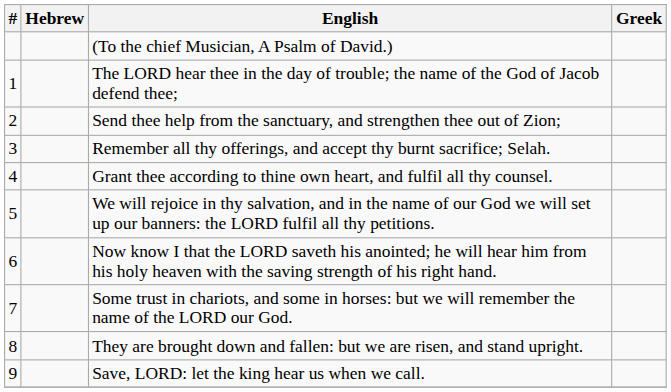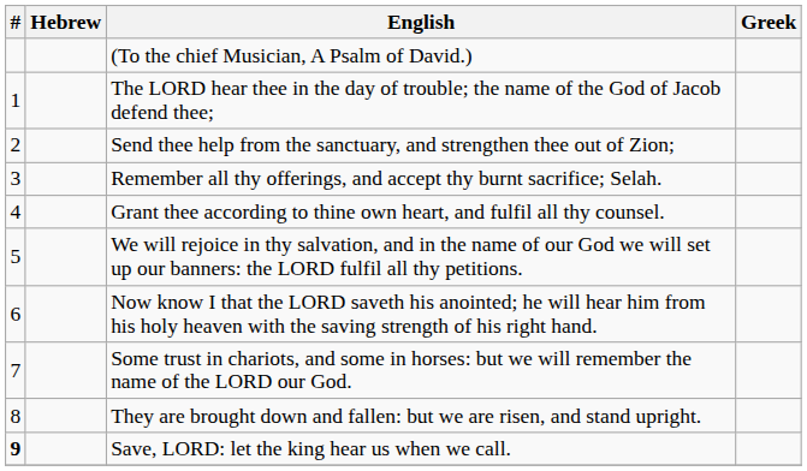 <table class=wikitable>
 <tr>
 <th>#</th>
 <th>Hebrew</th>
 <th>English</th>
 <th>Greek</th>
 </tr>
 <tr>
 <td style="text-align:right"></td>
 <td style="text-align:right"></td>
 <td>(To the chief Musician, A Psalm of David.)</td>
 <td></td>
 </tr>
 <tr>
 <td style="text-align:right">1</td>
 <td style="text-align:right"></td>
 <td>The LORD hear thee in the day of trouble; the name of the God of Jacob defend thee;</td>
 <td></td>
 </tr>
 <tr>
 <td style="text-align:right">2</td>
 <td style="text-align:right"></td>
 <td>Send thee help from the sanctuary, and strengthen thee out of Zion;</td>
 <td></td>
 </tr>
 <tr>
 <td style="text-align:right">3</td>
 <td style="text-align:right"></td>
 <td>Remember all thy offerings, and accept thy burnt sacrifice; Selah.</td>
 <td></td>
 </tr>
 <tr>
 <td style="text-align:right">4</td>
 <td style="text-align:right"></td>
 <td>Grant thee according to thine own heart, and fulfil all thy counsel.</td>
 <td></td>
 </tr>
 <tr>
 <td style="text-align:right">5</td>
 <td style="text-align:right"></td>
 <td>We will rejoice in thy salvation, and in the name of our God we will set up our banners: the LORD fulfil all thy petitions.</td>
 <td></td>
 </tr>
 <tr>
 <td style="text-align:right">6</td>
 <td style="text-align:right"></td>
 <td>Now know I that the LORD saveth his anointed; he will hear him from his holy heaven with the saving strength of his right hand.</td>
 <td></td>
 </tr>
 <tr>
 <td style="text-align:right">7</td>
 <td style="text-align:right"></td>
 <td>Some trust in chariots, and some in horses: but we will remember the name of the LORD our God.</td>
 <td></td>
 </tr>
 <tr>
 <td style="text-align:right">8</td>
 <td style="text-align:right"></td>
 <td>They are brought down and fallen: but we are risen, and stand upright.</td>
 <td></td>
 </tr>
 <tr>
-<td style="text-align:right">9</td>
+<td style="text-align:right"><strong>9</strong></td>
 <td style="text-align:right"></td>
 <td>Save, LORD: let the king hear us when we call.</td>
 <td></td>
 </tr>
 <tr>
 </tr>
 </table>
